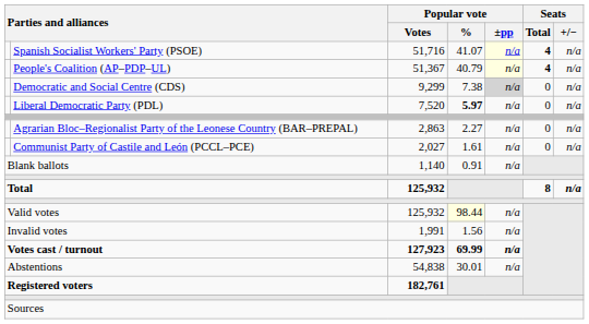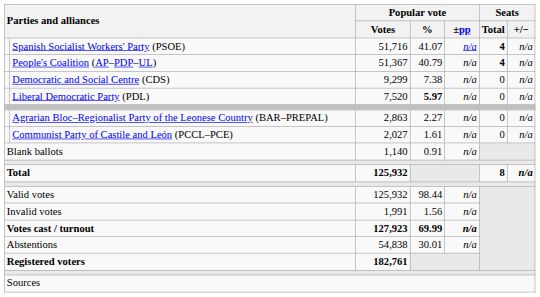 <table class="wikitable" style="text-align:right;">
 <tr>
 <th style="text-align:left;" rowspan="2" colspan="2" width="525">Parties and alliances</th>
 <th colspan="3">Popular vote</th>
 <th colspan="2">Seats</th>
 </tr>
 <tr>
 <th width="75">Votes</th>
 <th width="45">%</th>
 <th width="45">±<a href='#'>pp</a></th>
 <th width="35">Total</th>
 <th width="35">+/−</th>
 </tr>
 <tr>
 <td width="1" style="color:inherit;background:"></td>
 <td align="left"><a href='#'>Spanish Socialist Workers' Party</a> (PSOE)</td>
 <td>51,716</td>
 <td>41.07</td>
-<td style="background: lightyellow;"><em><a href='#'>n/a</a></em></td>
+<td><em><a href='#'>n/a</a></em></td>
 <td><strong>4</strong></td>
 <td><em>n/a</em></td>
 </tr>
 <tr>
 <td style="color:inherit;background:"></td>
 <td align="left"><a href='#'>People's Coalition</a> (<a href='#'>AP</a>–<a href='#'>PDP</a>–<a href='#'>UL</a>)</td>
 <td>51,367</td>
 <td>40.79</td>
-<td style="background: lightyellow;"><em>n/a</em></td>
+<td><em>n/a</em></td>
 <td><strong>4</strong></td>
 <td><em>n/a</em></td>
 </tr>
 <tr>
 <td style="color:inherit;background:"></td>
 <td align="left"><a href='#'>Democratic and Social Centre</a> (CDS)</td>
 <td>9,299</td>
 <td>7.38</td>
-<td style="background: lightgrey;"><em>n/a</em></td>
+<td><em>n/a</em></td>
 <td>0</td>
 <td><em>n/a</em></td>
 </tr>
 <tr>
 <td style="color:inherit;background:"></td>
 <td align="left"><a href='#'>Liberal Democratic Party</a> (PDL)</td>
 <td>7,520</td>
 <td><strong>5.97</strong></td>
 <td><em>n/a</em></td>
 <td>0</td>
 <td><em>n/a</em></td>
 </tr>
 <tr>
 <td colspan="7" bgcolor="#C0C0C0"></td>
 </tr>
 <tr>
 <td style="color:inherit;background:"></td>
 <td align="left"><a href='#'>Agrarian Bloc–Regionalist Party of the Leonese Country</a> (BAR–PREPAL)</td>
 <td>2,863</td>
 <td>2.27</td>
 <td><em>n/a</em></td>
 <td>0</td>
 <td><em>n/a</em></td>
 </tr>
 <tr>
 <td style="color:inherit;background:"></td>
 <td align="left"><a href='#'>Communist Party of Castile and León</a> (PCCL–PCE)</td>
 <td>2,027</td>
 <td>1.61</td>
 <td><em>n/a</em></td>
 <td>0</td>
 <td><em>n/a</em></td>
 </tr>
 <tr>
 <td align="left" colspan="2">Blank ballots</td>
 <td>1,140</td>
 <td>0.91</td>
 <td><em>n/a</em></td>
 <td bgcolor="#E9E9E9" colspan="2"></td>
 </tr>
 <tr>
 <td colspan="7" bgcolor="#E9E9E9"></td>
 </tr>
 <tr style="font-weight:bold;">
 <td align="left" colspan="2">Total</td>
 <td>125,932</td>
 <td bgcolor="#E9E9E9" colspan="2"></td>
 <td>8</td>
 <td><em>n/a</em></td>
 </tr>
 <tr>
 <td colspan="7" bgcolor="#E9E9E9"></td>
 </tr>
 <tr>
 <td align="left" colspan="2">Valid votes</td>
 <td>125,932</td>
-<td style="background: lightyellow;">98.44</td>
+<td>98.44</td>
 <td><em>n/a</em></td>
 <td bgcolor="#E9E9E9" colspan="2" rowspan="5"></td>
 </tr>
 <tr>
 <td align="left" colspan="2">Invalid votes</td>
 <td>1,991</td>
 <td>1.56</td>
 <td><em>n/a</em></td>
 </tr>
 <tr style="font-weight:bold;">
 <td align="left" colspan="2">Votes cast / turnout</td>
 <td>127,923</td>
 <td>69.99</td>
 <td><em>n/a</em></td>
 </tr>
 <tr>
 <td align="left" colspan="2">Abstentions</td>
 <td>54,838</td>
 <td>30.01</td>
 <td><em>n/a</em></td>
 </tr>
 <tr style="font-weight:bold;">
 <td align="left" colspan="2">Registered voters</td>
 <td>182,761</td>
 <td bgcolor="#E9E9E9" colspan="2"></td>
 </tr>
 <tr>
 <td colspan="7" bgcolor="#E9E9E9"></td>
 </tr>
 <tr>
 <td align="left" colspan="7">Sources</td>
 </tr>
 </table>
